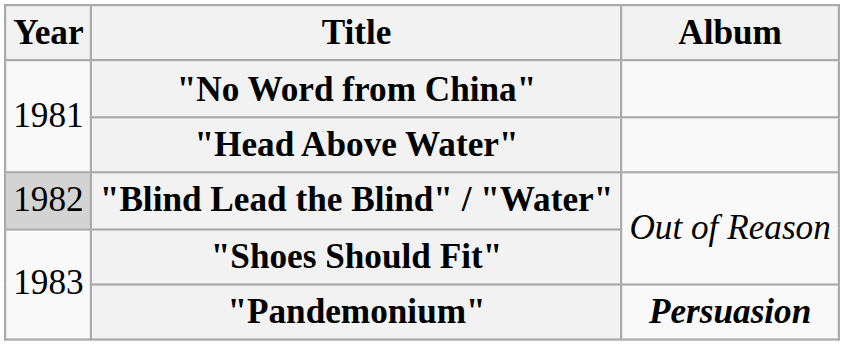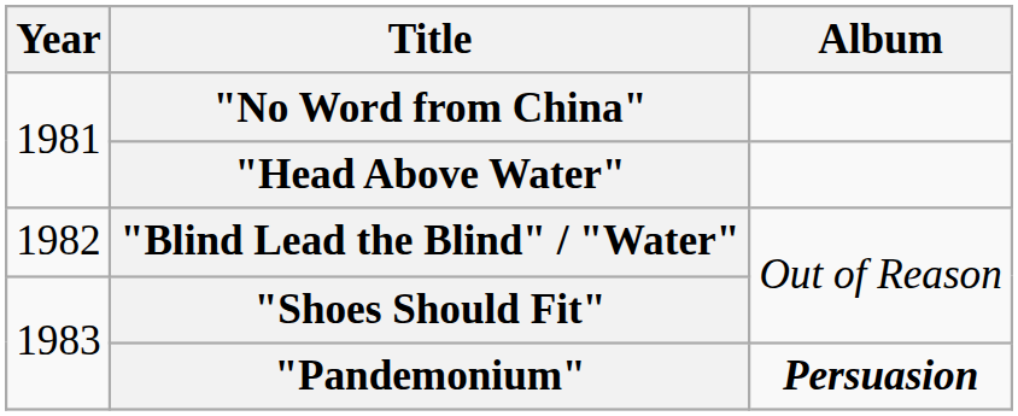 <table class="wikitable plainrowheaders" style="text-align:center;" border="1">
 <tr>
 <th>Year</th>
 <th>Title</th>
 <th>Album</th>
 </tr>
 <tr>
 <td rowspan="2">1981</td>
 <th scope="row">"No Word from China"</th>
 <td></td>
 </tr>
 <tr>
 <th scope="row">"Head Above Water"</th>
 <td></td>
 </tr>
 <tr>
-<td style="background: lightgrey;">1982</td>
+<td>1982</td>
 <th scope="row">"Blind Lead the Blind" / "Water"</th>
 <td rowspan="2"><em>Out of Reason</em></td>
 </tr>
 <tr>
 <td rowspan="2">1983</td>
 <th scope="row">"Shoes Should Fit"</th>
 </tr>
 <tr>
 <th scope="row">"Pandemonium"</th>
 <td><strong><em>Persuasion</em></strong></td>
 </tr>
 </table>
